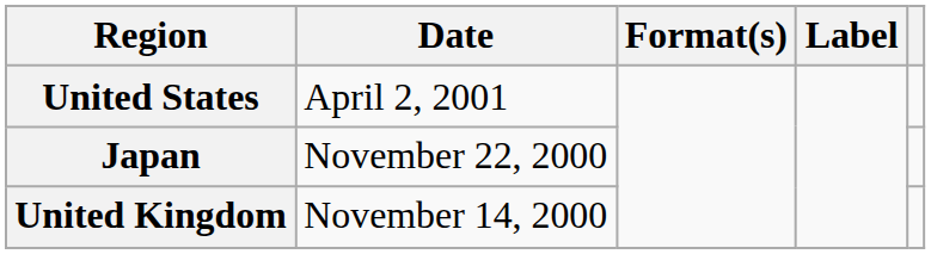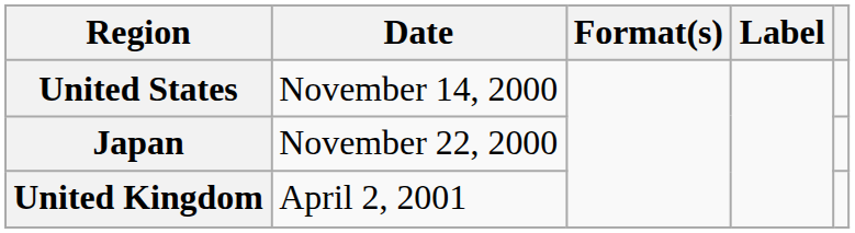 <table class="wikitable sortable plainrowheaders">
 <tr>
 <th scope="col">Region</th>
 <th scope="col">Date</th>
 <th scope="col">Format(s)</th>
 <th scope="col">Label</th>
 <th scope="col"></th>
 </tr>
 <tr>
 <th scope="row">United States</th>
-<td>April 2, 2001</td>
+<td>November 14, 2000</td>
 <td rowspan="3"></td>
 <td rowspan="3"></td>
 <td></td>
 </tr>
 <tr>
 <th scope="row">Japan</th>
 <td>November 22, 2000</td>
 <td></td>
 </tr>
 <tr>
 <th scope="row">United Kingdom</th>
-<td>November 14, 2000</td>
+<td>April 2, 2001</td>
 <td></td>
 </tr>
 </table>
